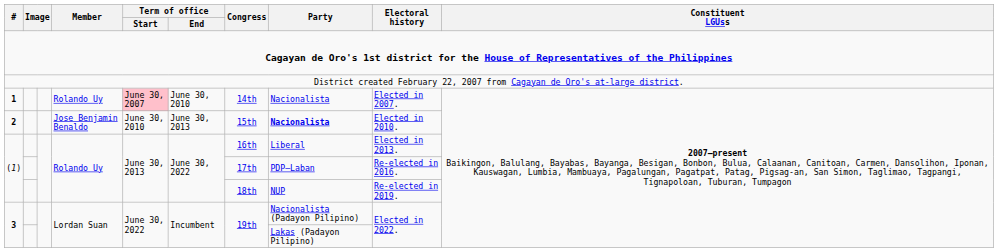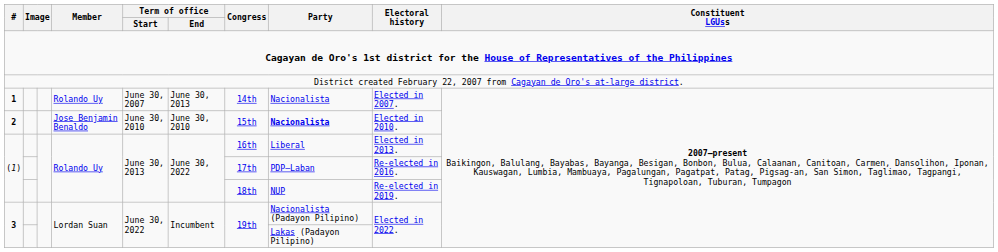 <table class=wikitable>
 <tr>
 <th rowspan="2">#</th>
 <th rowspan="2" colspan=2>Image</th>
 <th rowspan="2">Member</th>
 <th colspan=2>Term of office</th>
 <th rowspan="2">Congress</th>
 <th rowspan="2">Party</th>
 <th rowspan="2">Electoral history</th>
 <th rowspan="2">Constituent<br><a href='#'>LGUs</a>s</th>
 </tr>
 <tr>
 <th>Start</th>
 <th>End</th>
 </tr>
 <tr>
 <td colspan="10" style="text-align:center;"><br><h3>Cagayan de Oro's 1st district for the <a href='#'>House of Representatives of the Philippines</a></h3></td>
 </tr>
 <tr>
 <td colspan="10" style="text-align:center;">District created February 22, 2007 from <a href='#'>Cagayan de Oro's at-large district</a>.</td>
 </tr>
 <tr>
 <td style="text-align:center;"><strong>1</strong></td>
 <td style="color:inherit;background:"></td>
 <td></td>
 <td><a href='#'>Rolando Uy</a></td>
-<td style="background: pink;">June 30, 2007</td>
-<td>June 30, 2010</td>
+<td>June 30, 2007</td>
+<td>June 30, 2013</td>
 <td style="text-align:center;"><a href='#'>14th</a></td>
 <td><a href='#'>Nacionalista</a></td>
 <td><a href='#'>Elected in 2007</a>.</td>
 <td rowspan="7" style="text-align:center;"><strong>2007–present</strong><br>Baikingon, Balulang, Bayabas, Bayanga, Besigan, Bonbon, Bulua, Calaanan, Canitoan, Carmen, Dansolihon, Iponan, Kauswagan, Lumbia, Mambuaya, Pagalungan, Pagatpat, Patag, Pigsag-an, San Simon, Taglimao, Tagpangi, Tignapoloan, Tuburan, Tumpagon</td>
 </tr>
 <tr>
 <td style="text-align:center;"><strong>2</strong></td>
 <td style="color:inherit;background:"></td>
 <td></td>
 <td><a href='#'>Jose Benjamin Benaldo</a></td>
 <td>June 30, 2010</td>
-<td>June 30, 2013</td>
+<td>June 30, 2010</td>
 <td style="text-align:center;"><a href='#'>15th</a></td>
 <td><strong><a href='#'>Nacionalista</a></strong></td>
 <td><a href='#'>Elected in 2010</a>.</td>
 </tr>
 <tr>
 <td rowspan="3" style="text-align:center;">(<em>1</em>)</td>
 <td style="color:inherit;background:"></td>
 <td rowspan="3"></td>
 <td rowspan="3"><a href='#'>Rolando Uy</a></td>
 <td rowspan="3">June 30, 2013</td>
 <td rowspan="3">June 30, 2022</td>
 <td style="text-align:center;"><a href='#'>16th</a></td>
 <td><a href='#'>Liberal</a></td>
 <td><a href='#'>Elected in 2013</a>.</td>
 </tr>
 <tr>
 <td style="color:inherit;background:"></td>
 <td style="text-align:center;"><a href='#'>17th</a></td>
 <td><a href='#'>PDP–Laban</a></td>
 <td><a href='#'>Re-elected in 2016</a>.</td>
 </tr>
 <tr>
 <td style="color:inherit;background:"></td>
 <td style="text-align:center;"><a href='#'>18th</a></td>
 <td><a href='#'>NUP</a></td>
 <td><a href='#'>Re-elected in 2019</a>.</td>
 </tr>
 <tr>
 <td style="text-align:center;" rowspan="2"><strong>3</strong></td>
 <td style="color:inherit;background:"></td>
 <td rowspan="2"></td>
 <td rowspan="2">Lordan Suan</td>
 <td rowspan="2">June 30, 2022</td>
 <td rowspan="2">Incumbent</td>
 <td style="text-align:center;" rowspan="2"><a href='#'>19th</a></td>
 <td><a href='#'>Nacionalista</a> (Padayon Pilipino)</td>
 <td rowspan="2"><a href='#'>Elected in 2022</a>.</td>
 </tr>
 <tr>
 <td style="color:inherit;background:"></td>
 <td><a href='#'>Lakas</a> (Padayon Pilipino)</td>
 </tr>
 </table>
